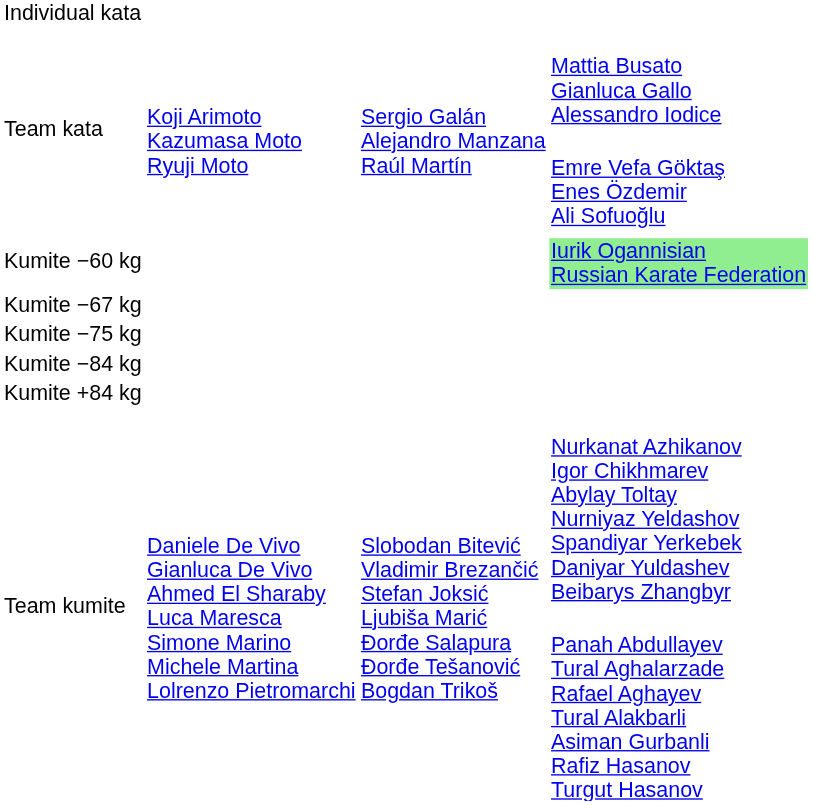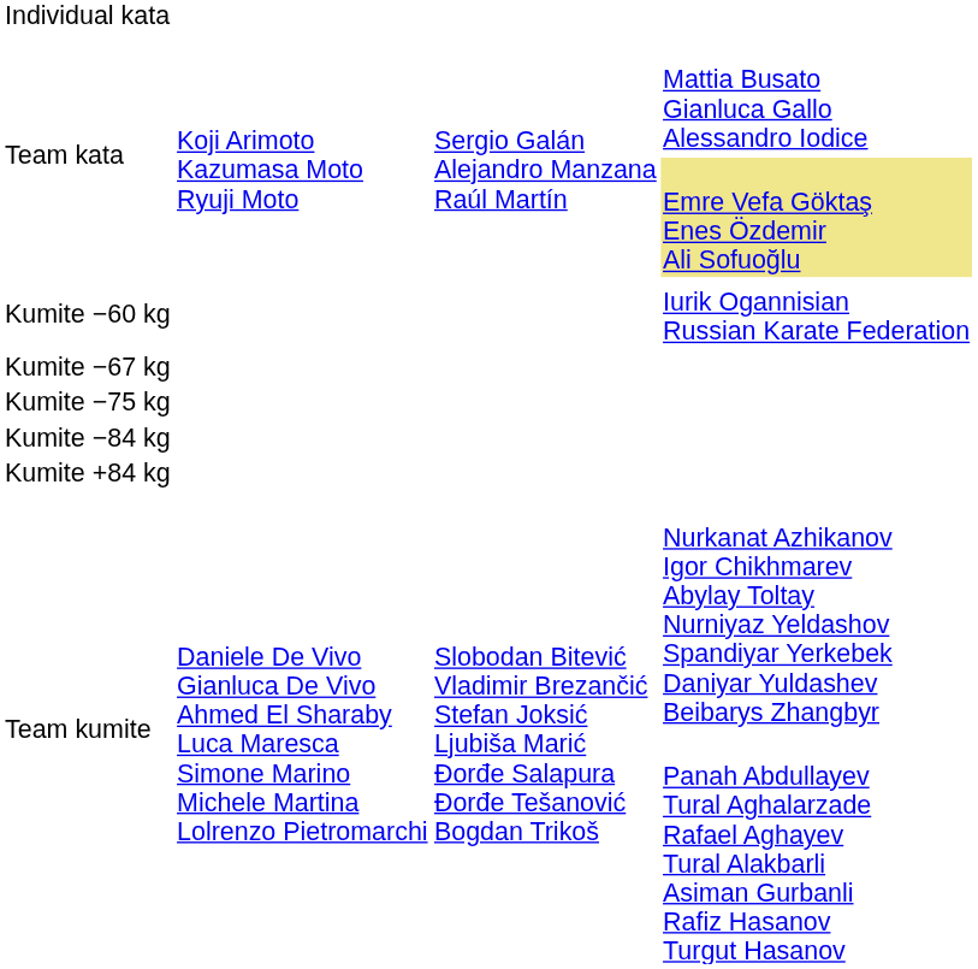 <table>
 <tr>
 <td rowspan=2>Individual kata<br></td>
 <td rowspan=2></td>
 <td rowspan=2></td>
 <td></td>
 </tr>
 <tr>
 <td></td>
 </tr>
 <tr>
 <td rowspan=2>Team kata<br></td>
 <td rowspan=2><br><a href='#'>Koji Arimoto</a><br><a href='#'>Kazumasa Moto</a><br><a href='#'>Ryuji Moto</a></td>
 <td rowspan=2><br><a href='#'>Sergio Galán</a><br><a href='#'>Alejandro Manzana</a><br><a href='#'>Raúl Martín</a></td>
 <td><br><a href='#'>Mattia Busato</a><br><a href='#'>Gianluca Gallo</a><br><a href='#'>Alessandro Iodice</a></td>
 </tr>
 <tr>
-<td><br><a href='#'>Emre Vefa Göktaş</a><br><a href='#'>Enes Özdemir</a><br><a href='#'>Ali Sofuoğlu</a></td>
+<td style="background: khaki;"><br><a href='#'>Emre Vefa Göktaş</a><br><a href='#'>Enes Özdemir</a><br><a href='#'>Ali Sofuoğlu</a></td>
 </tr>
 <tr>
 <td rowspan=2>Kumite −60 kg<br></td>
 <td rowspan=2></td>
 <td rowspan=2></td>
 <td></td>
 </tr>
 <tr>
-<td style="background: lightgreen;"><a href='#'>Iurik Ogannisian</a><br><a href='#'>Russian Karate Federation</a></td>
+<td><a href='#'>Iurik Ogannisian</a><br><a href='#'>Russian Karate Federation</a></td>
 </tr>
 <tr>
 <td rowspan=2>Kumite −67 kg<br></td>
 <td rowspan=2></td>
 <td rowspan=2></td>
 <td></td>
 </tr>
 <tr>
 <td></td>
 </tr>
 <tr>
 <td rowspan=2>Kumite −75 kg<br></td>
 <td rowspan=2></td>
 <td rowspan=2></td>
 <td></td>
 </tr>
 <tr>
 <td></td>
 </tr>
 <tr>
 <td rowspan=2>Kumite −84 kg<br></td>
 <td rowspan=2></td>
 <td rowspan=2></td>
 <td></td>
 </tr>
 <tr>
 <td></td>
 </tr>
 <tr>
 <td rowspan=2>Kumite +84 kg<br></td>
 <td rowspan=2></td>
 <td rowspan=2></td>
 <td></td>
 </tr>
 <tr>
 <td></td>
 </tr>
 <tr>
 <td rowspan=2>Team kumite<br></td>
 <td rowspan=2><br><a href='#'>Daniele De Vivo</a><br><a href='#'>Gianluca De Vivo</a><br><a href='#'>Ahmed El Sharaby</a><br><a href='#'>Luca Maresca</a><br><a href='#'>Simone Marino</a><br><a href='#'>Michele Martina</a><br><a href='#'>Lolrenzo Pietromarchi</a></td>
 <td rowspan=2><br><a href='#'>Slobodan Bitević</a><br><a href='#'>Vladimir Brezančić</a><br><a href='#'>Stefan Joksić</a><br><a href='#'>Ljubiša Marić</a><br><a href='#'>Ðorđe Salapura</a><br><a href='#'>Ðorđe Tešanović</a><br><a href='#'>Bogdan Trikoš</a></td>
 <td><br><a href='#'>Nurkanat Azhikanov</a><br><a href='#'>Igor Chikhmarev</a><br><a href='#'>Abylay Toltay</a><br><a href='#'>Nurniyaz Yeldashov</a><br><a href='#'>Spandiyar Yerkebek</a><br><a href='#'>Daniyar Yuldashev</a><br><a href='#'>Beibarys Zhangbyr</a></td>
 </tr>
 <tr>
 <td><br><a href='#'>Panah Abdullayev</a><br><a href='#'>Tural Aghalarzade</a><br><a href='#'>Rafael Aghayev</a><br><a href='#'>Tural Alakbarli</a><br><a href='#'>Asiman Gurbanli</a><br><a href='#'>Rafiz Hasanov</a><br><a href='#'>Turgut Hasanov</a></td>
 </tr>
 </table>
